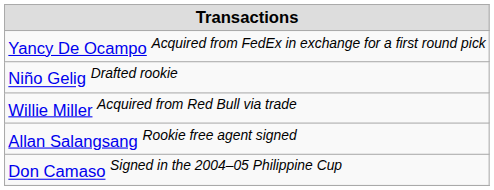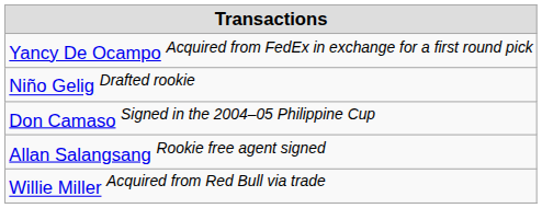 <table class="wikitable">
 <tr>
 <th style="background:#dddddd;">Transactions</th>
 </tr>
 <tr>
 <td><a href='#'>Yancy De Ocampo</a> <sup><em>Acquired from FedEx in exchange for a first round pick</em></sup> </td>
 </tr>
 <tr>
 <td><a href='#'>Niño Gelig</a> <sup><em>Drafted rookie</em></sup></td>
 </tr>
 <tr>
-<td><a href='#'>Willie Miller</a> <sup><em>Acquired from Red Bull via trade</em></sup></td>
+<td><a href='#'>Don Camaso</a> <sup><em>Signed in the 2004–05 Philippine Cup</em></sup></td>
 </tr>
 <tr>
 <td><a href='#'>Allan Salangsang</a> <sup><em>Rookie free agent signed</em></sup></td>
 </tr>
 <tr>
-<td><a href='#'>Don Camaso</a> <sup><em>Signed in the 2004–05 Philippine Cup</em></sup></td>
+<td><a href='#'>Willie Miller</a> <sup><em>Acquired from Red Bull via trade</em></sup></td>
 </tr>
 <tr>
 </tr>
 </table>
